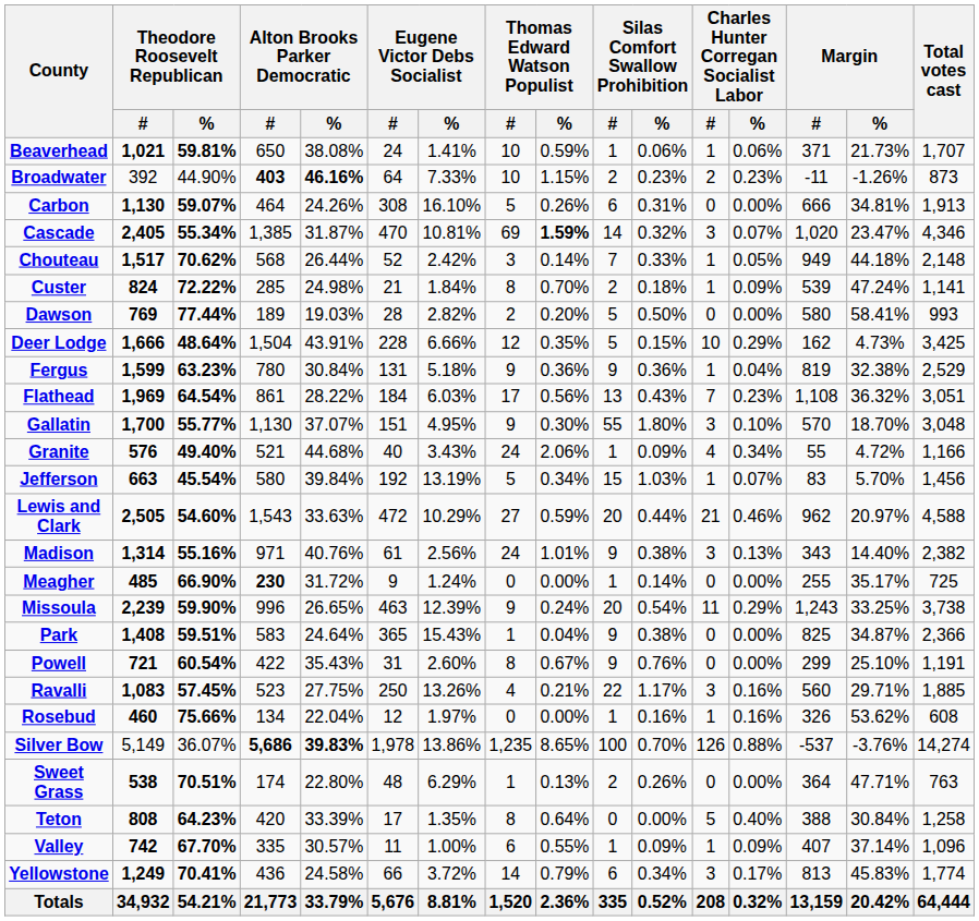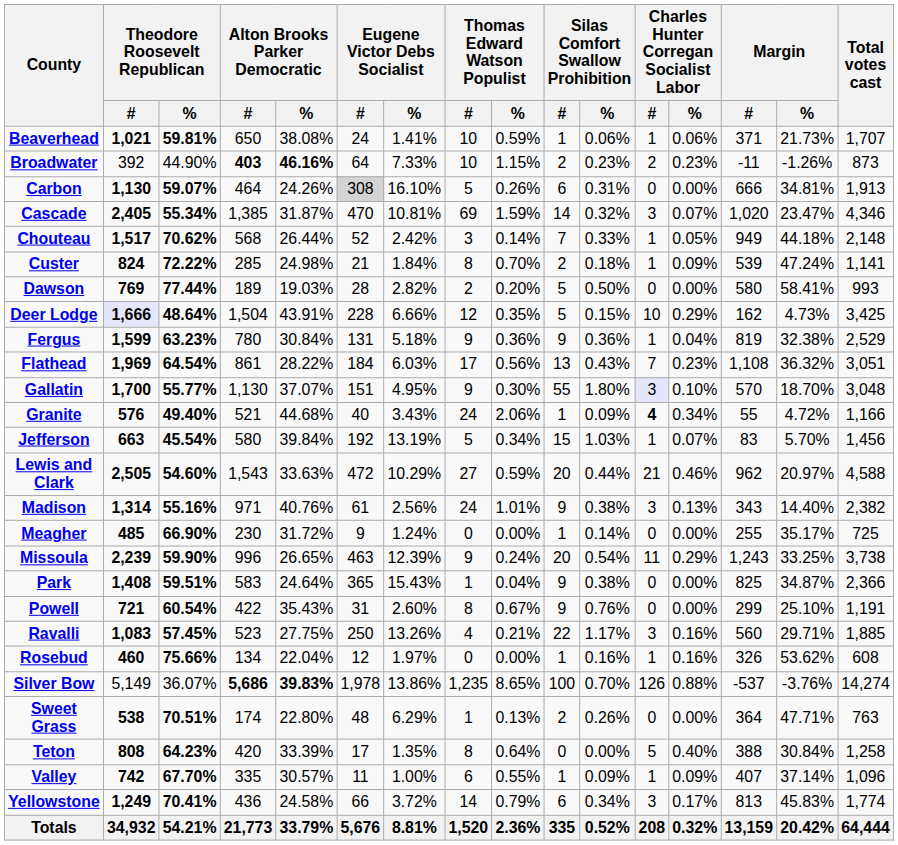 <table class="wikitable sortable" style="text-align:center">
 <tr>
 <th style="text-align:center;" rowspan="2">County</th>
 <th style="text-align:center;" colspan="2">Theodore Roosevelt<br>Republican</th>
 <th style="text-align:center;" colspan="2">Alton Brooks Parker<br>Democratic</th>
 <th style="text-align:center;" colspan="2">Eugene Victor Debs<br>Socialist</th>
 <th style="text-align:center;" colspan="2">Thomas Edward Watson<br>Populist</th>
 <th style="text-align:center;" colspan="2">Silas Comfort Swallow<br>Prohibition</th>
 <th style="text-align:center;" colspan="2">Charles Hunter Corregan<br>Socialist Labor</th>
 <th style="text-align:center;" colspan="2">Margin</th>
 <th style="text-align:center;" rowspan="2">Total votes cast</th>
 </tr>
 <tr>
 <th style="text-align:center;" data-sort-type="number">#</th>
 <th style="text-align:center;" data-sort-type="number">%</th>
 <th style="text-align:center;" data-sort-type="number">#</th>
 <th style="text-align:center;" data-sort-type="number">%</th>
 <th style="text-align:center;" data-sort-type="number">#</th>
 <th style="text-align:center;" data-sort-type="number">%</th>
 <th style="text-align:center;" data-sort-type="number">#</th>
 <th style="text-align:center;" data-sort-type="number">%</th>
 <th style="text-align:center;" data-sort-type="number">#</th>
 <th style="text-align:center;" data-sort-type="number">%</th>
 <th style="text-align:center;" data-sort-type="number">#</th>
 <th style="text-align:center;" data-sort-type="number">%</th>
 <th style="text-align:center;" data-sort-type="number">#</th>
 <th style="text-align:center;" data-sort-type="number">%</th>
 </tr>
 <tr style="text-align:center;">
 <td><strong><a href='#'>Beaverhead</a></strong></td>
 <td><strong>1,021</strong></td>
 <td><strong>59.81%</strong></td>
 <td>650</td>
 <td>38.08%</td>
 <td>24</td>
 <td>1.41%</td>
 <td>10</td>
 <td>0.59%</td>
 <td>1</td>
 <td>0.06%</td>
 <td>1</td>
 <td>0.06%</td>
 <td>371</td>
 <td>21.73%</td>
 <td>1,707</td>
 </tr>
 <tr style="text-align:center;">
 <td><strong><a href='#'>Broadwater</a></strong></td>
 <td>392</td>
 <td>44.90%</td>
 <td><strong>403</strong></td>
 <td><strong>46.16%</strong></td>
 <td>64</td>
 <td>7.33%</td>
 <td>10</td>
 <td>1.15%</td>
 <td>2</td>
 <td>0.23%</td>
 <td>2</td>
 <td>0.23%</td>
 <td>-11</td>
 <td>-1.26%</td>
 <td>873</td>
 </tr>
 <tr style="text-align:center;">
 <td><strong><a href='#'>Carbon</a></strong></td>
 <td><strong>1,130</strong></td>
 <td><strong>59.07%</strong></td>
 <td>464</td>
 <td>24.26%</td>
-<td>308</td>
+<td style="background: lightgrey;">308</td>
 <td>16.10%</td>
 <td>5</td>
 <td>0.26%</td>
 <td>6</td>
 <td>0.31%</td>
 <td>0</td>
 <td>0.00%</td>
 <td>666</td>
 <td>34.81%</td>
 <td>1,913</td>
 </tr>
 <tr style="text-align:center;">
 <td><strong><a href='#'>Cascade</a></strong></td>
 <td><strong>2,405</strong></td>
 <td><strong>55.34%</strong></td>
 <td>1,385</td>
 <td>31.87%</td>
 <td>470</td>
 <td>10.81%</td>
 <td>69</td>
-<td><strong>1.59%</strong></td>
+<td>1.59%</td>
 <td>14</td>
 <td>0.32%</td>
 <td>3</td>
 <td>0.07%</td>
 <td>1,020</td>
 <td>23.47%</td>
 <td>4,346</td>
 </tr>
 <tr style="text-align:center;">
 <td><strong><a href='#'>Chouteau</a></strong></td>
 <td><strong>1,517</strong></td>
 <td><strong>70.62%</strong></td>
 <td>568</td>
 <td>26.44%</td>
 <td>52</td>
 <td>2.42%</td>
 <td>3</td>
 <td>0.14%</td>
 <td>7</td>
 <td>0.33%</td>
 <td>1</td>
 <td>0.05%</td>
 <td>949</td>
 <td>44.18%</td>
 <td>2,148</td>
 </tr>
 <tr style="text-align:center;">
 <td><strong><a href='#'>Custer</a></strong></td>
 <td><strong>824</strong></td>
 <td><strong>72.22%</strong></td>
 <td>285</td>
 <td>24.98%</td>
 <td>21</td>
 <td>1.84%</td>
 <td>8</td>
 <td>0.70%</td>
 <td>2</td>
 <td>0.18%</td>
 <td>1</td>
 <td>0.09%</td>
 <td>539</td>
 <td>47.24%</td>
 <td>1,141</td>
 </tr>
 <tr style="text-align:center;">
 <td><strong><a href='#'>Dawson</a></strong></td>
 <td><strong>769</strong></td>
 <td><strong>77.44%</strong></td>
 <td>189</td>
 <td>19.03%</td>
 <td>28</td>
 <td>2.82%</td>
 <td>2</td>
 <td>0.20%</td>
 <td>5</td>
 <td>0.50%</td>
 <td>0</td>
 <td>0.00%</td>
 <td>580</td>
 <td>58.41%</td>
 <td>993</td>
 </tr>
 <tr style="text-align:center;">
 <td><strong><a href='#'>Deer Lodge</a></strong></td>
-<td><strong>1,666</strong></td>
+<td style="background: lavender;"><strong>1,666</strong></td>
 <td><strong>48.64%</strong></td>
 <td>1,504</td>
 <td>43.91%</td>
 <td>228</td>
 <td>6.66%</td>
 <td>12</td>
 <td>0.35%</td>
 <td>5</td>
 <td>0.15%</td>
 <td>10</td>
 <td>0.29%</td>
 <td>162</td>
 <td>4.73%</td>
 <td>3,425</td>
 </tr>
 <tr style="text-align:center;">
 <td><strong><a href='#'>Fergus</a></strong></td>
 <td><strong>1,599</strong></td>
 <td><strong>63.23%</strong></td>
 <td>780</td>
 <td>30.84%</td>
 <td>131</td>
 <td>5.18%</td>
 <td>9</td>
 <td>0.36%</td>
 <td>9</td>
 <td>0.36%</td>
 <td>1</td>
 <td>0.04%</td>
 <td>819</td>
 <td>32.38%</td>
 <td>2,529</td>
 </tr>
 <tr style="text-align:center;">
 <td><strong><a href='#'>Flathead</a></strong></td>
 <td><strong>1,969</strong></td>
 <td><strong>64.54%</strong></td>
 <td>861</td>
 <td>28.22%</td>
 <td>184</td>
 <td>6.03%</td>
 <td>17</td>
 <td>0.56%</td>
 <td>13</td>
 <td>0.43%</td>
 <td>7</td>
 <td>0.23%</td>
 <td>1,108</td>
 <td>36.32%</td>
 <td>3,051</td>
 </tr>
 <tr style="text-align:center;">
 <td><strong><a href='#'>Gallatin</a></strong></td>
 <td><strong>1,700</strong></td>
 <td><strong>55.77%</strong></td>
 <td>1,130</td>
 <td>37.07%</td>
 <td>151</td>
 <td>4.95%</td>
 <td>9</td>
 <td>0.30%</td>
 <td>55</td>
 <td>1.80%</td>
-<td>3</td>
+<td style="background: lavender;">3</td>
 <td>0.10%</td>
 <td>570</td>
 <td>18.70%</td>
 <td>3,048</td>
 </tr>
 <tr style="text-align:center;">
 <td><strong><a href='#'>Granite</a></strong></td>
 <td><strong>576</strong></td>
 <td><strong>49.40%</strong></td>
 <td>521</td>
 <td>44.68%</td>
 <td>40</td>
 <td>3.43%</td>
 <td>24</td>
 <td>2.06%</td>
 <td>1</td>
 <td>0.09%</td>
-<td>4</td>
+<td><strong>4</strong></td>
 <td>0.34%</td>
 <td>55</td>
 <td>4.72%</td>
 <td>1,166</td>
 </tr>
 <tr style="text-align:center;">
 <td><strong><a href='#'>Jefferson</a></strong></td>
 <td><strong>663</strong></td>
 <td><strong>45.54%</strong></td>
 <td>580</td>
 <td>39.84%</td>
 <td>192</td>
 <td>13.19%</td>
 <td>5</td>
 <td>0.34%</td>
 <td>15</td>
 <td>1.03%</td>
 <td>1</td>
 <td>0.07%</td>
 <td>83</td>
 <td>5.70%</td>
 <td>1,456</td>
 </tr>
 <tr style="text-align:center;">
 <td><strong><a href='#'>Lewis and Clark</a></strong></td>
 <td><strong>2,505</strong></td>
 <td><strong>54.60%</strong></td>
 <td>1,543</td>
 <td>33.63%</td>
 <td>472</td>
 <td>10.29%</td>
 <td>27</td>
 <td>0.59%</td>
 <td>20</td>
 <td>0.44%</td>
 <td>21</td>
 <td>0.46%</td>
 <td>962</td>
 <td>20.97%</td>
 <td>4,588</td>
 </tr>
 <tr style="text-align:center;">
 <td><strong><a href='#'>Madison</a></strong></td>
 <td><strong>1,314</strong></td>
 <td><strong>55.16%</strong></td>
 <td>971</td>
 <td>40.76%</td>
 <td>61</td>
 <td>2.56%</td>
 <td>24</td>
 <td>1.01%</td>
 <td>9</td>
 <td>0.38%</td>
 <td>3</td>
 <td>0.13%</td>
 <td>343</td>
 <td>14.40%</td>
 <td>2,382</td>
 </tr>
 <tr style="text-align:center;">
 <td><strong><a href='#'>Meagher</a></strong></td>
 <td><strong>485</strong></td>
 <td><strong>66.90%</strong></td>
-<td><strong>230</strong></td>
+<td>230</td>
 <td>31.72%</td>
 <td>9</td>
 <td>1.24%</td>
 <td>0</td>
 <td>0.00%</td>
 <td>1</td>
 <td>0.14%</td>
 <td>0</td>
 <td>0.00%</td>
 <td>255</td>
 <td>35.17%</td>
 <td>725</td>
 </tr>
 <tr style="text-align:center;">
 <td><strong><a href='#'>Missoula</a></strong></td>
 <td><strong>2,239</strong></td>
 <td><strong>59.90%</strong></td>
 <td>996</td>
 <td>26.65%</td>
 <td>463</td>
 <td>12.39%</td>
 <td>9</td>
 <td>0.24%</td>
 <td>20</td>
 <td>0.54%</td>
 <td>11</td>
 <td>0.29%</td>
 <td>1,243</td>
 <td>33.25%</td>
 <td>3,738</td>
 </tr>
 <tr style="text-align:center;">
 <td><strong><a href='#'>Park</a></strong></td>
 <td><strong>1,408</strong></td>
 <td><strong>59.51%</strong></td>
 <td>583</td>
 <td>24.64%</td>
 <td>365</td>
 <td>15.43%</td>
 <td>1</td>
 <td>0.04%</td>
 <td>9</td>
 <td>0.38%</td>
 <td>0</td>
 <td>0.00%</td>
 <td>825</td>
 <td>34.87%</td>
 <td>2,366</td>
 </tr>
 <tr style="text-align:center;">
 <td><strong><a href='#'>Powell</a></strong></td>
 <td><strong>721</strong></td>
 <td><strong>60.54%</strong></td>
 <td>422</td>
 <td>35.43%</td>
 <td>31</td>
 <td>2.60%</td>
 <td>8</td>
 <td>0.67%</td>
 <td>9</td>
 <td>0.76%</td>
 <td>0</td>
 <td>0.00%</td>
 <td>299</td>
 <td>25.10%</td>
 <td>1,191</td>
 </tr>
 <tr style="text-align:center;">
 <td><strong><a href='#'>Ravalli</a></strong></td>
 <td><strong>1,083</strong></td>
 <td><strong>57.45%</strong></td>
 <td>523</td>
 <td>27.75%</td>
 <td>250</td>
 <td>13.26%</td>
 <td>4</td>
 <td>0.21%</td>
 <td>22</td>
 <td>1.17%</td>
 <td>3</td>
 <td>0.16%</td>
 <td>560</td>
 <td>29.71%</td>
 <td>1,885</td>
 </tr>
 <tr style="text-align:center;">
 <td><strong><a href='#'>Rosebud</a></strong></td>
 <td><strong>460</strong></td>
 <td><strong>75.66%</strong></td>
 <td>134</td>
 <td>22.04%</td>
 <td>12</td>
 <td>1.97%</td>
 <td>0</td>
 <td>0.00%</td>
 <td>1</td>
 <td>0.16%</td>
 <td>1</td>
 <td>0.16%</td>
 <td>326</td>
 <td>53.62%</td>
 <td>608</td>
 </tr>
 <tr style="text-align:center;">
 <td><strong><a href='#'>Silver Bow</a></strong></td>
 <td>5,149</td>
 <td>36.07%</td>
 <td><strong>5,686</strong></td>
 <td><strong>39.83%</strong></td>
 <td>1,978</td>
 <td>13.86%</td>
 <td>1,235</td>
 <td>8.65%</td>
 <td>100</td>
 <td>0.70%</td>
 <td>126</td>
 <td>0.88%</td>
 <td>-537</td>
 <td>-3.76%</td>
 <td>14,274</td>
 </tr>
 <tr style="text-align:center;">
 <td><strong><a href='#'>Sweet Grass</a></strong></td>
 <td><strong>538</strong></td>
 <td><strong>70.51%</strong></td>
 <td>174</td>
 <td>22.80%</td>
 <td>48</td>
 <td>6.29%</td>
 <td>1</td>
 <td>0.13%</td>
 <td>2</td>
 <td>0.26%</td>
 <td>0</td>
 <td>0.00%</td>
 <td>364</td>
 <td>47.71%</td>
 <td>763</td>
 </tr>
 <tr style="text-align:center;">
 <td><strong><a href='#'>Teton</a></strong></td>
 <td><strong>808</strong></td>
 <td><strong>64.23%</strong></td>
 <td>420</td>
 <td>33.39%</td>
 <td>17</td>
 <td>1.35%</td>
 <td>8</td>
 <td>0.64%</td>
 <td>0</td>
 <td>0.00%</td>
 <td>5</td>
 <td>0.40%</td>
 <td>388</td>
 <td>30.84%</td>
 <td>1,258</td>
 </tr>
 <tr style="text-align:center;">
 <td><strong><a href='#'>Valley</a></strong></td>
 <td><strong>742</strong></td>
 <td><strong>67.70%</strong></td>
 <td>335</td>
 <td>30.57%</td>
 <td>11</td>
 <td>1.00%</td>
 <td>6</td>
 <td>0.55%</td>
 <td>1</td>
 <td>0.09%</td>
 <td>1</td>
 <td>0.09%</td>
 <td>407</td>
 <td>37.14%</td>
 <td>1,096</td>
 </tr>
 <tr style="text-align:center;">
 <td><strong><a href='#'>Yellowstone</a></strong></td>
 <td><strong>1,249</strong></td>
 <td><strong>70.41%</strong></td>
 <td>436</td>
 <td>24.58%</td>
 <td>66</td>
 <td>3.72%</td>
 <td>14</td>
 <td>0.79%</td>
 <td>6</td>
 <td>0.34%</td>
 <td>3</td>
 <td>0.17%</td>
 <td>813</td>
 <td>45.83%</td>
 <td>1,774</td>
 </tr>
 <tr style="text-align:center;">
 <th>Totals</th>
 <th>34,932</th>
 <th>54.21%</th>
 <th>21,773</th>
 <th>33.79%</th>
 <th>5,676</th>
 <th>8.81%</th>
 <th>1,520</th>
 <th>2.36%</th>
 <th>335</th>
 <th>0.52%</th>
 <th>208</th>
 <th>0.32%</th>
 <th>13,159</th>
 <th>20.42%</th>
 <th>64,444</th>
 </tr>
 </table>
